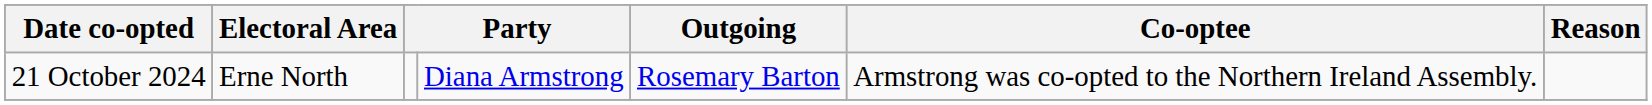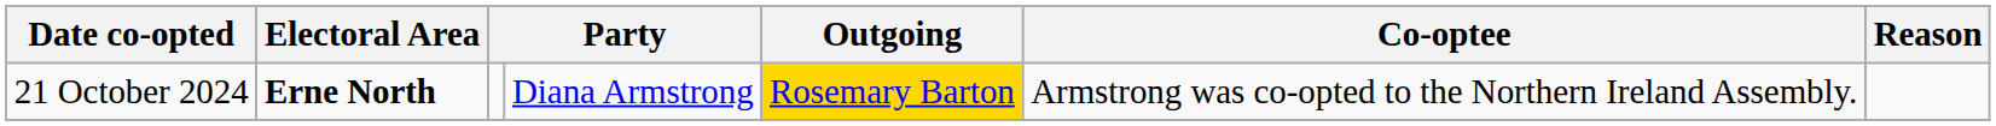 <table class="wikitable" style="font-size: 95%; font-size: 95%">
 <tr>
 <th>Date co-opted</th>
 <th>Electoral Area</th>
 <th colspan="2">Party</th>
 <th>Outgoing</th>
 <th>Co-optee</th>
 <th>Reason</th>
 </tr>
 <tr>
 <td>21 October 2024</td>
-<td>Erne North</td>
+<td><strong>Erne North</strong></td>
 <td></td>
 <td><a href='#'>Diana Armstrong</a></td>
-<td><a href='#'>Rosemary Barton</a></td>
+<td style="background: gold;"><a href='#'>Rosemary Barton</a></td>
 <td>Armstrong was co-opted to the Northern Ireland Assembly.</td>
 </tr>
 </table>
